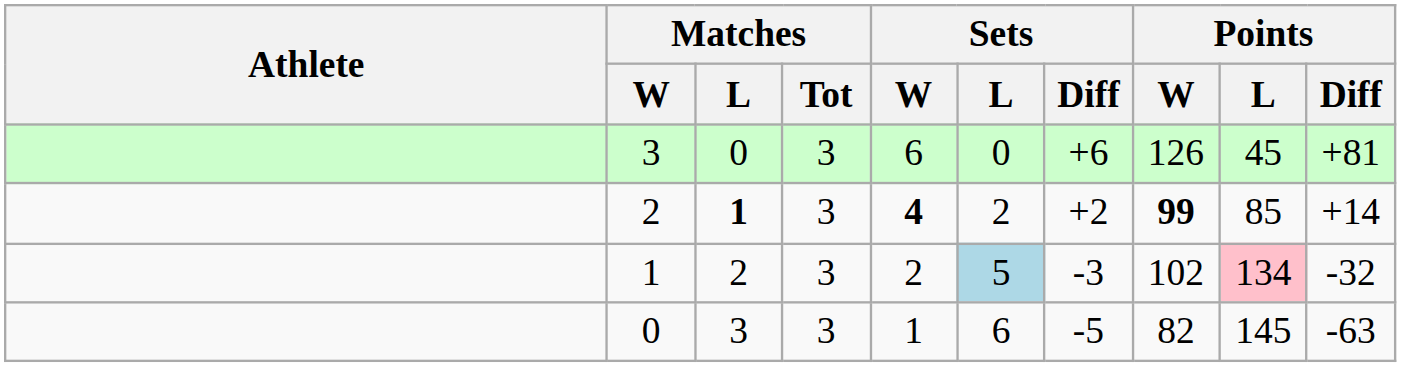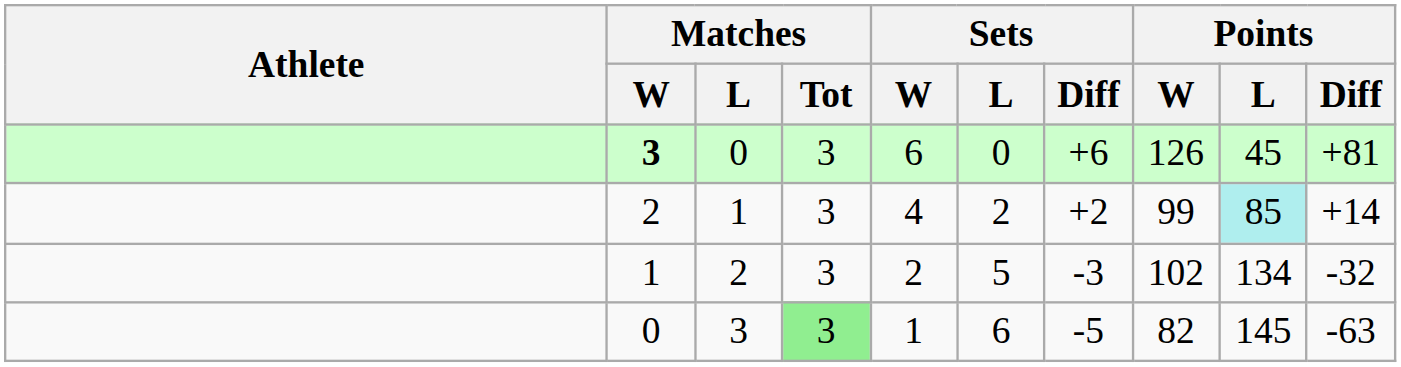 <table class=wikitable style="text-align:center">
 <tr>
 <th rowspan=2 width=250>Athlete</th>
 <th colspan=3 width=90>Matches</th>
 <th colspan=3 width=90>Sets</th>
 <th colspan=3 width=90>Points</th>
 </tr>
 <tr>
 <th width=30>W</th>
 <th width=30>L</th>
 <th width=30>Tot</th>
 <th width=30>W</th>
 <th width=30>L</th>
 <th width=30>Diff</th>
 <th width=30>W</th>
 <th width=30>L</th>
 <th width=30>Diff</th>
 </tr>
 <tr bgcolor=ccffcc>
 <td style="text-align:left"></td>
-<td>3</td>
+<td><strong>3</strong></td>
 <td>0</td>
 <td>3</td>
 <td>6</td>
 <td>0</td>
 <td>+6</td>
 <td>126</td>
 <td>45</td>
 <td>+81</td>
 </tr>
 <tr>
 <td style="text-align:left"></td>
 <td>2</td>
-<td><strong>1</strong></td>
+<td>1</td>
 <td>3</td>
-<td><strong>4</strong></td>
+<td>4</td>
 <td>2</td>
 <td>+2</td>
-<td><strong>99</strong></td>
-<td>85</td>
+<td>99</td>
+<td style="background: paleturquoise;">85</td>
 <td>+14</td>
 </tr>
 <tr>
 <td style="text-align:left"></td>
 <td>1</td>
 <td>2</td>
 <td>3</td>
 <td>2</td>
-<td style="background: lightblue;">5</td>
+<td>5</td>
 <td>-3</td>
 <td>102</td>
-<td style="background: pink;">134</td>
+<td>134</td>
 <td>-32</td>
 </tr>
 <tr>
 <td style="text-align:left"></td>
 <td>0</td>
 <td>3</td>
-<td>3</td>
+<td style="background: lightgreen;">3</td>
 <td>1</td>
 <td>6</td>
 <td>-5</td>
 <td>82</td>
 <td>145</td>
 <td>-63</td>
 </tr>
 </table>
